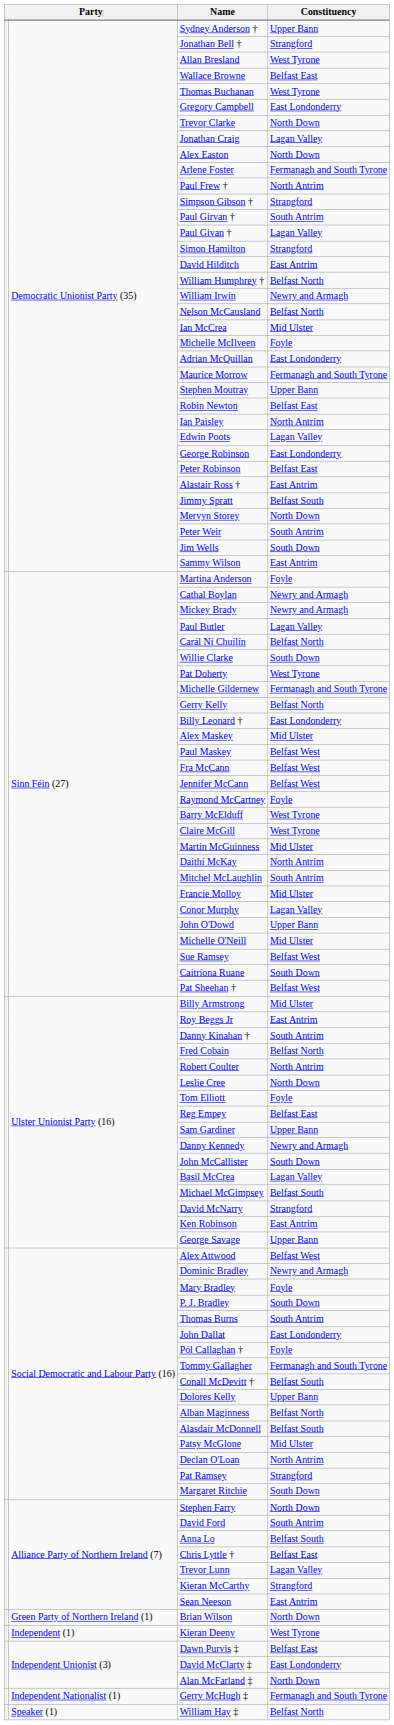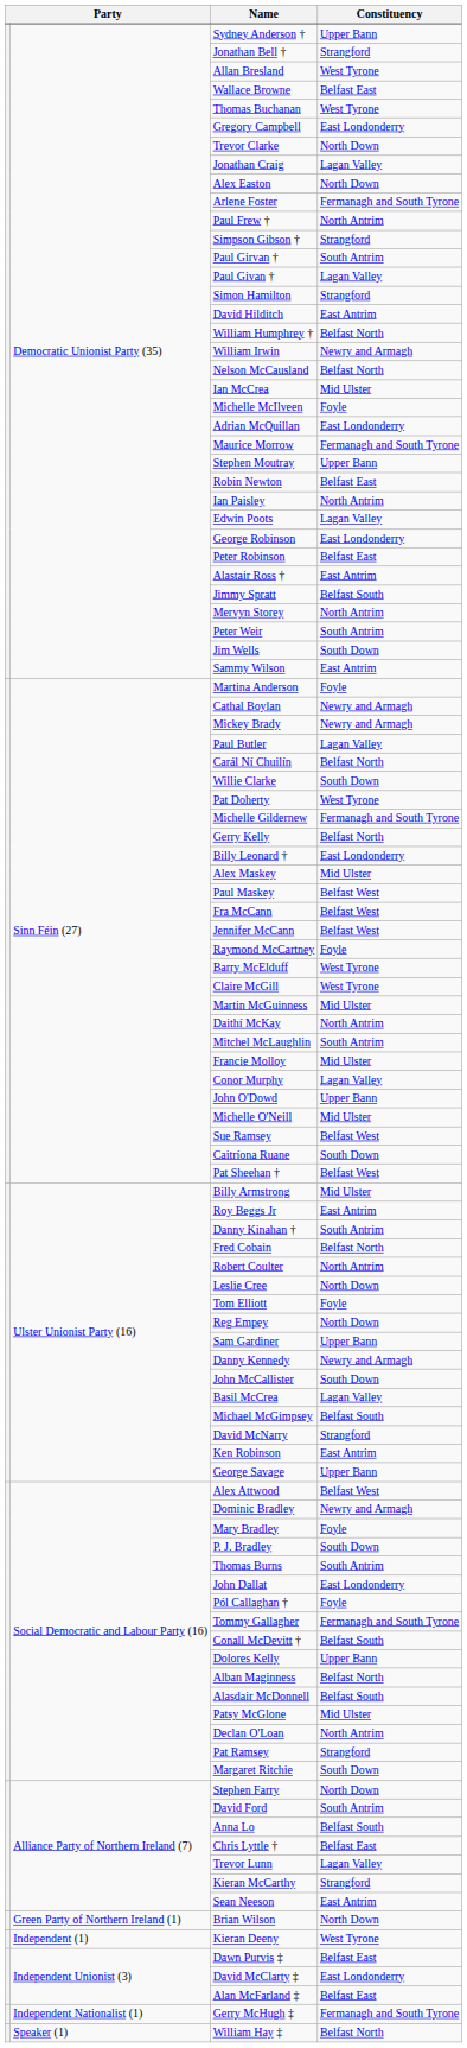 <table class="wikitable">
 <tr style="border-bottom: 2px solid gray;">
 <th colspan=2>Party</th>
 <th>Name</th>
 <th>Constituency</th>
 </tr>
 <tr>
 <th rowspan="35" style="background-color: "></th>
 <td rowspan="35"><a href='#'>Democratic Unionist Party</a> (35)</td>
 <td><a href='#'>Sydney Anderson</a> †</td>
 <td><a href='#'>Upper Bann</a></td>
 </tr>
 <tr>
 <td><a href='#'>Jonathan Bell</a> †</td>
 <td><a href='#'>Strangford</a></td>
 </tr>
 <tr>
 <td><a href='#'>Allan Bresland</a></td>
 <td><a href='#'>West Tyrone</a></td>
 </tr>
 <tr>
 <td><a href='#'>Wallace Browne</a></td>
 <td><a href='#'>Belfast East</a></td>
 </tr>
 <tr>
 <td><a href='#'>Thomas Buchanan</a></td>
 <td><a href='#'>West Tyrone</a></td>
 </tr>
 <tr>
 <td><a href='#'>Gregory Campbell</a></td>
 <td><a href='#'>East Londonderry</a></td>
 </tr>
 <tr>
 <td><a href='#'>Trevor Clarke</a></td>
 <td><a href='#'>North Down</a></td>
 </tr>
 <tr>
 <td><a href='#'>Jonathan Craig</a></td>
 <td><a href='#'>Lagan Valley</a></td>
 </tr>
 <tr>
 <td><a href='#'>Alex Easton</a></td>
 <td><a href='#'>North Down</a></td>
 </tr>
 <tr>
 <td><a href='#'>Arlene Foster</a></td>
 <td><a href='#'>Fermanagh and South Tyrone</a></td>
 </tr>
 <tr>
 <td><a href='#'>Paul Frew</a> †</td>
 <td><a href='#'>North Antrim</a></td>
 </tr>
 <tr>
 <td><a href='#'>Simpson Gibson</a> †</td>
 <td><a href='#'>Strangford</a></td>
 </tr>
 <tr>
 <td><a href='#'>Paul Girvan</a> †</td>
 <td><a href='#'>South Antrim</a></td>
 </tr>
 <tr>
 <td><a href='#'>Paul Givan</a> †</td>
 <td><a href='#'>Lagan Valley</a></td>
 </tr>
 <tr>
 <td><a href='#'>Simon Hamilton</a></td>
 <td><a href='#'>Strangford</a></td>
 </tr>
 <tr>
 <td><a href='#'>David Hilditch</a></td>
 <td><a href='#'>East Antrim</a></td>
 </tr>
 <tr>
 <td><a href='#'>William Humphrey</a> †</td>
 <td><a href='#'>Belfast North</a></td>
 </tr>
 <tr>
 <td><a href='#'>William Irwin</a></td>
 <td><a href='#'>Newry and Armagh</a></td>
 </tr>
 <tr>
 <td><a href='#'>Nelson McCausland</a></td>
 <td><a href='#'>Belfast North</a></td>
 </tr>
 <tr>
 <td><a href='#'>Ian McCrea</a></td>
 <td><a href='#'>Mid Ulster</a></td>
 </tr>
 <tr>
 <td><a href='#'>Michelle McIlveen</a></td>
 <td><a href='#'>Foyle</a></td>
 </tr>
 <tr>
 <td><a href='#'>Adrian McQuillan</a></td>
 <td><a href='#'>East Londonderry</a></td>
 </tr>
 <tr>
 <td><a href='#'>Maurice Morrow</a></td>
 <td><a href='#'>Fermanagh and South Tyrone</a></td>
 </tr>
 <tr>
 <td><a href='#'>Stephen Moutray</a></td>
 <td><a href='#'>Upper Bann</a></td>
 </tr>
 <tr>
 <td><a href='#'>Robin Newton</a></td>
 <td><a href='#'>Belfast East</a></td>
 </tr>
 <tr>
 <td><a href='#'>Ian Paisley</a></td>
 <td><a href='#'>North Antrim</a></td>
 </tr>
 <tr>
 <td><a href='#'>Edwin Poots</a></td>
 <td><a href='#'>Lagan Valley</a></td>
 </tr>
 <tr>
 <td><a href='#'>George Robinson</a></td>
 <td><a href='#'>East Londonderry</a></td>
 </tr>
 <tr>
 <td><a href='#'>Peter Robinson</a></td>
 <td><a href='#'>Belfast East</a></td>
 </tr>
 <tr>
 <td><a href='#'>Alastair Ross</a> †</td>
 <td><a href='#'>East Antrim</a></td>
 </tr>
 <tr>
 <td><a href='#'>Jimmy Spratt</a></td>
 <td><a href='#'>Belfast South</a></td>
 </tr>
 <tr>
 <td><a href='#'>Mervyn Storey</a></td>
-<td><a href='#'>North Down</a></td>
+<td><a href='#'>North Antrim</a></td>
 </tr>
 <tr>
 <td><a href='#'>Peter Weir</a></td>
 <td><a href='#'>South Antrim</a></td>
 </tr>
 <tr>
 <td><a href='#'>Jim Wells</a></td>
 <td><a href='#'>South Down</a></td>
 </tr>
 <tr>
 <td><a href='#'>Sammy Wilson</a></td>
 <td><a href='#'>East Antrim</a></td>
 </tr>
 <tr>
 <th rowspan="27" style="background-color: "></th>
 <td rowspan="27"><a href='#'>Sinn Féin</a> (27)</td>
 <td><a href='#'>Martina Anderson</a></td>
 <td><a href='#'>Foyle</a></td>
 </tr>
 <tr>
 <td><a href='#'>Cathal Boylan</a></td>
 <td><a href='#'>Newry and Armagh</a></td>
 </tr>
 <tr>
 <td><a href='#'>Mickey Brady</a></td>
 <td><a href='#'>Newry and Armagh</a></td>
 </tr>
 <tr>
 <td><a href='#'>Paul Butler</a></td>
 <td><a href='#'>Lagan Valley</a></td>
 </tr>
 <tr>
 <td><a href='#'>Carál Ní Chuilín</a></td>
 <td><a href='#'>Belfast North</a></td>
 </tr>
 <tr>
 <td><a href='#'>Willie Clarke</a></td>
 <td><a href='#'>South Down</a></td>
 </tr>
 <tr>
 <td><a href='#'>Pat Doherty</a></td>
 <td><a href='#'>West Tyrone</a></td>
 </tr>
 <tr>
 <td><a href='#'>Michelle Gildernew</a></td>
 <td><a href='#'>Fermanagh and South Tyrone</a></td>
 </tr>
 <tr>
 <td><a href='#'>Gerry Kelly</a></td>
 <td><a href='#'>Belfast North</a></td>
 </tr>
 <tr>
 <td><a href='#'>Billy Leonard</a> †</td>
 <td><a href='#'>East Londonderry</a></td>
 </tr>
 <tr>
 <td><a href='#'>Alex Maskey</a></td>
 <td><a href='#'>Mid Ulster</a></td>
 </tr>
 <tr>
 <td><a href='#'>Paul Maskey</a></td>
 <td><a href='#'>Belfast West</a></td>
 </tr>
 <tr>
 <td><a href='#'>Fra McCann</a></td>
 <td><a href='#'>Belfast West</a></td>
 </tr>
 <tr>
 <td><a href='#'>Jennifer McCann</a></td>
 <td><a href='#'>Belfast West</a></td>
 </tr>
 <tr>
 <td><a href='#'>Raymond McCartney</a></td>
 <td><a href='#'>Foyle</a></td>
 </tr>
 <tr>
 <td><a href='#'>Barry McElduff</a></td>
 <td><a href='#'>West Tyrone</a></td>
 </tr>
 <tr>
 <td><a href='#'>Claire McGill</a></td>
 <td><a href='#'>West Tyrone</a></td>
 </tr>
 <tr>
 <td><a href='#'>Martin McGuinness</a></td>
 <td><a href='#'>Mid Ulster</a></td>
 </tr>
 <tr>
 <td><a href='#'>Daithí McKay</a></td>
 <td><a href='#'>North Antrim</a></td>
 </tr>
 <tr>
 <td><a href='#'>Mitchel McLaughlin</a></td>
 <td><a href='#'>South Antrim</a></td>
 </tr>
 <tr>
 <td><a href='#'>Francie Molloy</a></td>
 <td><a href='#'>Mid Ulster</a></td>
 </tr>
 <tr>
 <td><a href='#'>Conor Murphy</a></td>
 <td><a href='#'>Lagan Valley</a></td>
 </tr>
 <tr>
 <td><a href='#'>John O'Dowd</a></td>
 <td><a href='#'>Upper Bann</a></td>
 </tr>
 <tr>
 <td><a href='#'>Michelle O'Neill</a></td>
 <td><a href='#'>Mid Ulster</a></td>
 </tr>
 <tr>
 <td><a href='#'>Sue Ramsey</a></td>
 <td><a href='#'>Belfast West</a></td>
 </tr>
 <tr>
 <td><a href='#'>Caitríona Ruane</a></td>
 <td><a href='#'>South Down</a></td>
 </tr>
 <tr>
 <td><a href='#'>Pat Sheehan</a> †</td>
 <td><a href='#'>Belfast West</a></td>
 </tr>
 <tr>
 <th rowspan="16" style="background-color: "></th>
 <td rowspan="16"><a href='#'>Ulster Unionist Party</a> (16)</td>
 <td><a href='#'>Billy Armstrong</a></td>
 <td><a href='#'>Mid Ulster</a></td>
 </tr>
 <tr>
 <td><a href='#'>Roy Beggs Jr</a></td>
 <td><a href='#'>East Antrim</a></td>
 </tr>
 <tr>
 <td><a href='#'>Danny Kinahan</a> †</td>
 <td><a href='#'>South Antrim</a></td>
 </tr>
 <tr>
 <td><a href='#'>Fred Cobain</a></td>
 <td><a href='#'>Belfast North</a></td>
 </tr>
 <tr>
 <td><a href='#'>Robert Coulter</a></td>
 <td><a href='#'>North Antrim</a></td>
 </tr>
 <tr>
 <td><a href='#'>Leslie Cree</a></td>
 <td><a href='#'>North Down</a></td>
 </tr>
 <tr>
 <td><a href='#'>Tom Elliott</a></td>
 <td><a href='#'>Foyle</a></td>
 </tr>
 <tr>
 <td><a href='#'>Reg Empey</a></td>
-<td><a href='#'>Belfast East</a></td>
+<td><a href='#'>North Down</a></td>
 </tr>
 <tr>
 <td><a href='#'>Sam Gardiner</a></td>
 <td><a href='#'>Upper Bann</a></td>
 </tr>
 <tr>
 <td><a href='#'>Danny Kennedy</a></td>
 <td><a href='#'>Newry and Armagh</a></td>
 </tr>
 <tr>
 <td><a href='#'>John McCallister</a></td>
 <td><a href='#'>South Down</a></td>
 </tr>
 <tr>
 <td><a href='#'>Basil McCrea</a></td>
 <td><a href='#'>Lagan Valley</a></td>
 </tr>
 <tr>
 <td><a href='#'>Michael McGimpsey</a></td>
 <td><a href='#'>Belfast South</a></td>
 </tr>
 <tr>
 <td><a href='#'>David McNarry</a></td>
 <td><a href='#'>Strangford</a></td>
 </tr>
 <tr>
 <td><a href='#'>Ken Robinson</a></td>
 <td><a href='#'>East Antrim</a></td>
 </tr>
 <tr>
 <td><a href='#'>George Savage</a></td>
 <td><a href='#'>Upper Bann</a></td>
 </tr>
 <tr>
 <th rowspan="16" style="background-color: "></th>
 <td rowspan="16"><a href='#'>Social Democratic and Labour Party</a> (16)</td>
 <td><a href='#'>Alex Attwood</a></td>
 <td><a href='#'>Belfast West</a></td>
 </tr>
 <tr>
 <td><a href='#'>Dominic Bradley</a></td>
 <td><a href='#'>Newry and Armagh</a></td>
 </tr>
 <tr>
 <td><a href='#'>Mary Bradley</a></td>
 <td><a href='#'>Foyle</a></td>
 </tr>
 <tr>
 <td><a href='#'>P. J. Bradley</a></td>
 <td><a href='#'>South Down</a></td>
 </tr>
 <tr>
 <td><a href='#'>Thomas Burns</a></td>
 <td><a href='#'>South Antrim</a></td>
 </tr>
 <tr>
 <td><a href='#'>John Dallat</a></td>
 <td><a href='#'>East Londonderry</a></td>
 </tr>
 <tr>
 <td><a href='#'>Pól Callaghan</a> †</td>
 <td><a href='#'>Foyle</a></td>
 </tr>
 <tr>
 <td><a href='#'>Tommy Gallagher</a></td>
 <td><a href='#'>Fermanagh and South Tyrone</a></td>
 </tr>
 <tr>
 <td><a href='#'>Conall McDevitt</a> †</td>
 <td><a href='#'>Belfast South</a></td>
 </tr>
 <tr>
 <td><a href='#'>Dolores Kelly</a></td>
 <td><a href='#'>Upper Bann</a></td>
 </tr>
 <tr>
 <td><a href='#'>Alban Maginness</a></td>
 <td><a href='#'>Belfast North</a></td>
 </tr>
 <tr>
 <td><a href='#'>Alasdair McDonnell</a></td>
 <td><a href='#'>Belfast South</a></td>
 </tr>
 <tr>
 <td><a href='#'>Patsy McGlone</a></td>
 <td><a href='#'>Mid Ulster</a></td>
 </tr>
 <tr>
 <td><a href='#'>Declan O'Loan</a></td>
 <td><a href='#'>North Antrim</a></td>
 </tr>
 <tr>
 <td><a href='#'>Pat Ramsey</a></td>
 <td><a href='#'>Strangford</a></td>
 </tr>
 <tr>
 <td><a href='#'>Margaret Ritchie</a></td>
 <td><a href='#'>South Down</a></td>
 </tr>
 <tr>
 <th rowspan="7" style="background-color: "></th>
 <td rowspan="7"><a href='#'>Alliance Party of Northern Ireland</a> (7)</td>
 <td><a href='#'>Stephen Farry</a></td>
 <td><a href='#'>North Down</a></td>
 </tr>
 <tr>
 <td><a href='#'>David Ford</a></td>
 <td><a href='#'>South Antrim</a></td>
 </tr>
 <tr>
 <td><a href='#'>Anna Lo</a></td>
 <td><a href='#'>Belfast South</a></td>
 </tr>
 <tr>
 <td><a href='#'>Chris Lyttle</a> †</td>
 <td><a href='#'>Belfast East</a></td>
 </tr>
 <tr>
 <td><a href='#'>Trevor Lunn</a></td>
 <td><a href='#'>Lagan Valley</a></td>
 </tr>
 <tr>
 <td><a href='#'>Kieran McCarthy</a></td>
 <td><a href='#'>Strangford</a></td>
 </tr>
 <tr>
 <td><a href='#'>Sean Neeson</a></td>
 <td><a href='#'>East Antrim</a></td>
 </tr>
 <tr>
 <th rowspan="1" style="background-color: "></th>
 <td rowspan="1"><a href='#'>Green Party of Northern Ireland</a> (1)</td>
 <td><a href='#'>Brian Wilson</a></td>
 <td><a href='#'>North Down</a></td>
 </tr>
 <tr>
 <th rowspan="1" style="background-color: "></th>
 <td rowspan="1"><a href='#'>Independent</a> (1)</td>
 <td><a href='#'>Kieran Deeny</a></td>
 <td><a href='#'>West Tyrone</a></td>
 </tr>
 <tr>
 <th rowspan="3" style="background-color: "></th>
 <td rowspan="3"><a href='#'>Independent Unionist</a> (3)</td>
 <td><a href='#'>Dawn Purvis</a> ‡</td>
 <td><a href='#'>Belfast East</a></td>
 </tr>
 <tr>
 <td><a href='#'>David McClarty</a> ‡</td>
 <td><a href='#'>East Londonderry</a></td>
 </tr>
 <tr>
 <td><a href='#'>Alan McFarland</a> ‡</td>
-<td><a href='#'>North Down</a></td>
+<td><a href='#'>Belfast East</a></td>
 </tr>
 <tr>
 <th rowspan="1" style="background-color: "></th>
 <td rowspan="1"><a href='#'>Independent Nationalist</a> (1)</td>
 <td><a href='#'>Gerry McHugh</a> ‡</td>
 <td><a href='#'>Fermanagh and South Tyrone</a></td>
 </tr>
 <tr>
 <th rowspan="1" style="background-color: "></th>
 <td rowspan="1"><a href='#'>Speaker</a> (1)</td>
 <td><a href='#'>William Hay</a> ‡</td>
 <td><a href='#'>Belfast North</a></td>
 </tr>
 </table>
